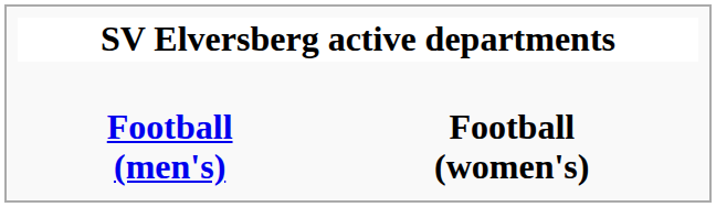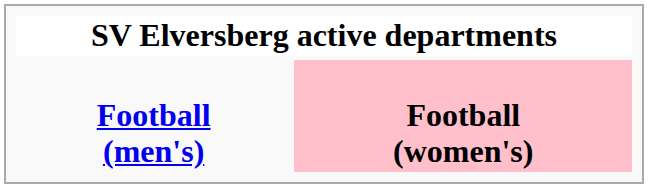 <table class="infobox" style="width: 20em; font-size: 95%em;">
 <tr style="color:black; background:white; text-align:center;">
 <th colspan="3" style="text-align: center">SV Elversberg active departments</th>
 </tr>
 <tr style="text-align: center">
 <td><br><strong><a href='#'>Football<br>(men's)</a></strong></td>
-<td><br><strong>Football<br>(women's)</strong></td>
+<td style="background: pink;"><br><strong>Football<br>(women's)</strong></td>
 </tr>
 </table>
